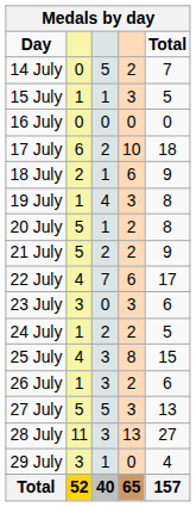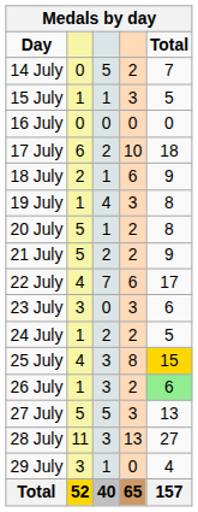 <table class="wikitable" style="font-size:85%; float:right">
 <tr align=center>
 <th colspan=7><strong>Medals by day</strong></th>
 </tr>
 <tr align=center>
 <td><strong>Day</strong></td>
 <td style="background:#f7f6a8;"></td>
 <td style="background:#dce5e5;"></td>
 <td style="background:#ffdab9;"></td>
 <td><strong>Total</strong></td>
 </tr>
 <tr align=center>
 <td>14 July</td>
 <td style="background:#f7f6a8;">0</td>
 <td style="background:#dce5e5;">5</td>
 <td style="background:#ffdab9;">2</td>
 <td>7</td>
 </tr>
 <tr align=center>
 <td>15 July</td>
 <td style="background:#f7f6a8;">1</td>
 <td style="background:#dce5e5;">1</td>
 <td style="background:#ffdab9;">3</td>
 <td>5</td>
 </tr>
 <tr align=center>
 <td>16 July</td>
 <td style="background:#f7f6a8;">0</td>
 <td style="background:#dce5e5;">0</td>
 <td style="background:#ffdab9;">0</td>
 <td>0</td>
 </tr>
 <tr align=center>
 <td>17 July</td>
 <td style="background:#f7f6a8;">6</td>
 <td style="background:#dce5e5;">2</td>
 <td style="background:#ffdab9;">10</td>
 <td>18</td>
 </tr>
 <tr align=center>
 <td>18 July</td>
 <td style="background:#f7f6a8;">2</td>
 <td style="background:#dce5e5;">1</td>
 <td style="background:#ffdab9;">6</td>
 <td>9</td>
 </tr>
 <tr align=center>
 <td>19 July</td>
 <td style="background:#f7f6a8;">1</td>
 <td style="background:#dce5e5;">4</td>
 <td style="background:#ffdab9;">3</td>
 <td>8</td>
 </tr>
 <tr align=center>
 <td>20 July</td>
 <td style="background:#f7f6a8;">5</td>
 <td style="background:#dce5e5;">1</td>
 <td style="background:#ffdab9;">2</td>
 <td>8</td>
 </tr>
 <tr align=center>
 <td>21 July</td>
 <td style="background:#f7f6a8;">5</td>
 <td style="background:#dce5e5;">2</td>
 <td style="background:#ffdab9;">2</td>
 <td>9</td>
 </tr>
 <tr align=center>
 <td>22 July</td>
 <td style="background:#f7f6a8;">4</td>
 <td style="background:#dce5e5;">7</td>
 <td style="background:#ffdab9;">6</td>
 <td>17</td>
 </tr>
 <tr align=center>
 <td>23 July</td>
 <td style="background:#f7f6a8;">3</td>
 <td style="background:#dce5e5;">0</td>
 <td style="background:#ffdab9;">3</td>
 <td>6</td>
 </tr>
 <tr align=center>
 <td>24 July</td>
 <td style="background:#f7f6a8;">1</td>
 <td style="background:#dce5e5;">2</td>
 <td style="background:#ffdab9;">2</td>
 <td>5</td>
 </tr>
 <tr align=center>
 <td>25 July</td>
 <td style="background:#f7f6a8;">4</td>
 <td style="background:#dce5e5;">3</td>
 <td style="background:#ffdab9;">8</td>
-<td>15</td>
+<td style="background: gold;">15</td>
 </tr>
 <tr align=center>
 <td>26 July</td>
 <td style="background:#f7f6a8;">1</td>
 <td style="background:#dce5e5;">3</td>
 <td style="background:#ffdab9;">2</td>
-<td>6</td>
+<td style="background: lightgreen;">6</td>
 </tr>
 <tr align=center>
 <td>27 July</td>
 <td style="background:#f7f6a8;">5</td>
 <td style="background:#dce5e5;">5</td>
 <td style="background:#ffdab9;">3</td>
 <td>13</td>
 </tr>
 <tr align=center>
 <td>28 July</td>
 <td style="background:#f7f6a8;">11</td>
 <td style="background:#dce5e5;">3</td>
 <td style="background:#ffdab9;">13</td>
 <td>27</td>
 </tr>
 <tr align=center>
 <td>29 July</td>
 <td style="background:#f7f6a8;">3</td>
 <td style="background:#dce5e5;">1</td>
 <td style="background:#ffdab9;">0</td>
 <td>4</td>
 </tr>
 <tr align=center>
 <th><strong>Total</strong></th>
 <th style="background:gold;"><strong>52</strong></th>
 <th style="background:silver;"><strong>40</strong></th>
 <th style="background:#c96;"><strong>65</strong></th>
 <th><strong>157</strong></th>
 </tr>
 </table>
